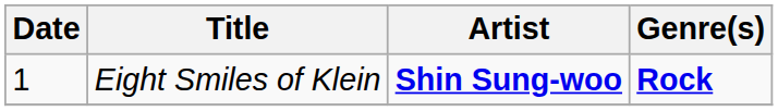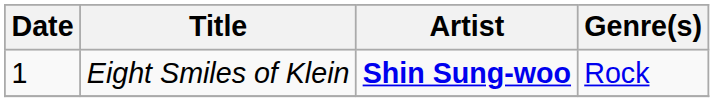 <table class="wikitable" style="text-align: left;">
 <tr>
 <th>Date</th>
 <th>Title</th>
 <th>Artist</th>
 <th>Genre(s)</th>
 </tr>
 <tr>
 <td>1</td>
 <td><em>Eight Smiles of Klein</em></td>
 <td><strong><a href='#'>Shin Sung-woo</a></strong></td>
-<td><strong><a href='#'>Rock</a></strong></td>
+<td><a href='#'>Rock</a></td>
 </tr>
 <tr>
 </tr>
 </table>
